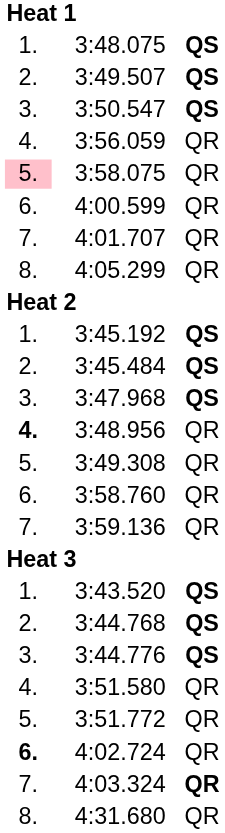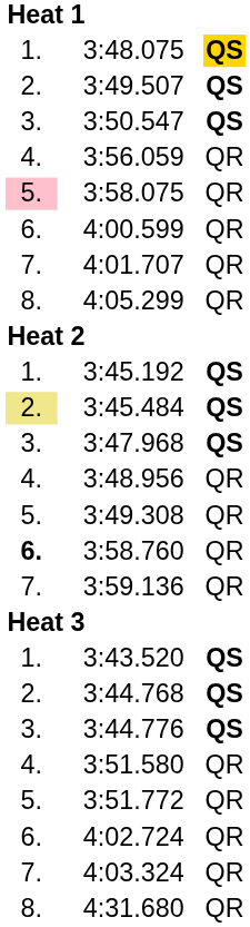 <table style="text-align:center">
 <tr>
 <td colspan=4 align=left><strong>Heat 1</strong></td>
 </tr>
 <tr>
 <td width=30>1.</td>
 <td align=left></td>
 <td width=80>3:48.075</td>
-<td><strong>QS</strong></td>
+<td style="background: gold;"><strong>QS</strong></td>
 </tr>
 <tr>
 <td>2.</td>
 <td align=left></td>
 <td>3:49.507</td>
 <td><strong>QS</strong></td>
 </tr>
 <tr>
 <td>3.</td>
 <td align=left></td>
 <td>3:50.547</td>
 <td><strong>QS</strong></td>
 </tr>
 <tr>
 <td>4.</td>
 <td align=left></td>
 <td>3:56.059</td>
 <td>QR</td>
 </tr>
 <tr>
 <td style="background: pink;">5.</td>
 <td align=left></td>
 <td>3:58.075</td>
 <td>QR</td>
 </tr>
 <tr>
 <td>6.</td>
 <td align=left></td>
 <td>4:00.599</td>
 <td>QR</td>
 </tr>
 <tr>
 <td>7.</td>
 <td align=left></td>
 <td>4:01.707</td>
 <td>QR</td>
 </tr>
 <tr>
 <td>8.</td>
 <td align=left></td>
 <td>4:05.299</td>
 <td>QR</td>
 </tr>
 <tr>
 <td colspan=4 align=left><strong>Heat 2</strong></td>
 </tr>
 <tr>
 <td>1.</td>
 <td align=left></td>
 <td>3:45.192</td>
 <td><strong>QS</strong></td>
 </tr>
 <tr>
-<td>2.</td>
+<td style="background: khaki;">2.</td>
 <td align=left></td>
 <td>3:45.484</td>
 <td><strong>QS</strong></td>
 </tr>
 <tr>
 <td>3.</td>
 <td align=left></td>
 <td>3:47.968</td>
 <td><strong>QS</strong></td>
 </tr>
 <tr>
-<td><strong>4.</strong></td>
+<td>4.</td>
 <td align=left></td>
 <td>3:48.956</td>
 <td>QR</td>
 </tr>
 <tr>
 <td>5.</td>
 <td align=left></td>
 <td>3:49.308</td>
 <td>QR</td>
 </tr>
 <tr>
-<td>6.</td>
+<td><strong>6.</strong></td>
 <td align=left></td>
 <td>3:58.760</td>
 <td>QR</td>
 </tr>
 <tr>
 <td>7.</td>
 <td align=left></td>
 <td>3:59.136</td>
 <td>QR</td>
 </tr>
 <tr>
 <td colspan=4 align=left><strong>Heat 3</strong></td>
 </tr>
 <tr>
 <td>1.</td>
 <td align=left></td>
 <td>3:43.520</td>
 <td><strong>QS</strong></td>
 </tr>
 <tr>
 <td>2.</td>
 <td align=left></td>
 <td>3:44.768</td>
 <td><strong>QS</strong></td>
 </tr>
 <tr>
 <td>3.</td>
 <td align=left></td>
 <td>3:44.776</td>
 <td><strong>QS</strong></td>
 </tr>
 <tr>
 <td>4.</td>
 <td align=left></td>
 <td>3:51.580</td>
 <td>QR</td>
 </tr>
 <tr>
 <td>5.</td>
 <td align=left></td>
 <td>3:51.772</td>
 <td>QR</td>
 </tr>
 <tr>
-<td><strong>6.</strong></td>
+<td>6.</td>
 <td align=left></td>
 <td>4:02.724</td>
 <td>QR</td>
 </tr>
 <tr>
 <td>7.</td>
 <td align=left></td>
 <td>4:03.324</td>
-<td><strong>QR</strong></td>
+<td>QR</td>
 </tr>
 <tr>
 <td>8.</td>
 <td align=left></td>
 <td>4:31.680</td>
 <td>QR</td>
 </tr>
 </table>
